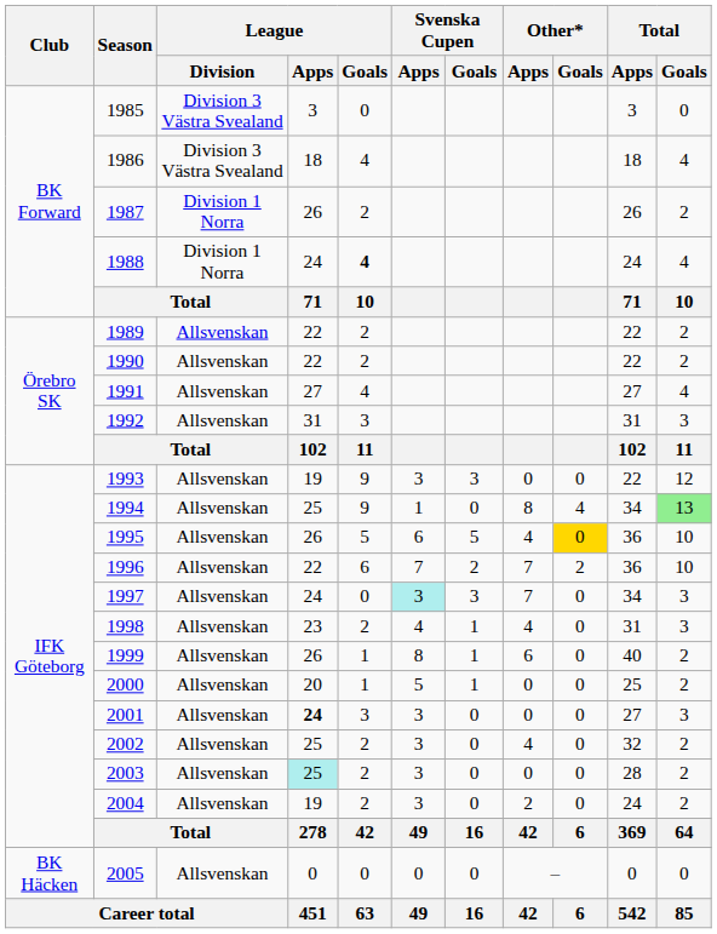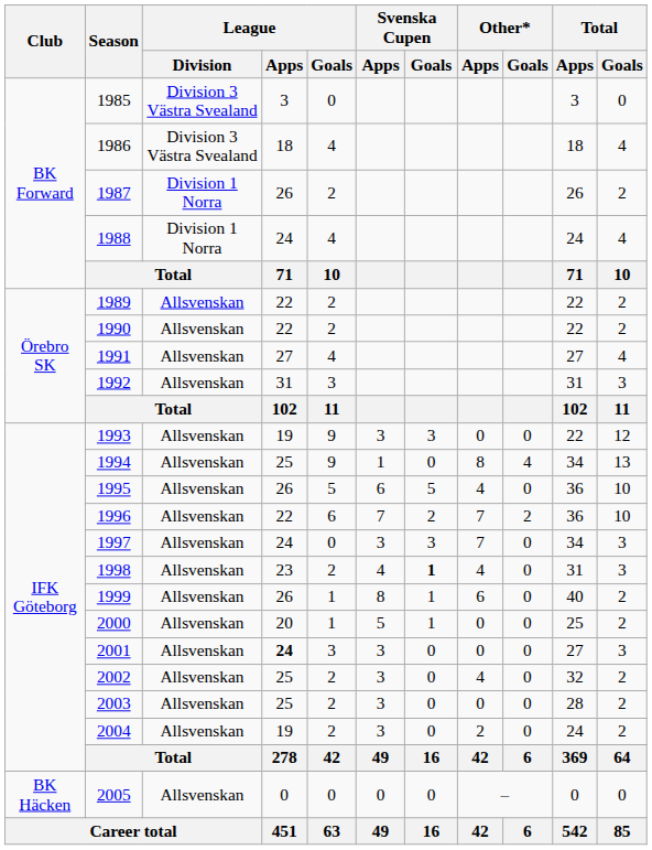 <table class="wikitable" style="text-align:center">
 <tr>
 <th rowspan="2">Club</th>
 <th rowspan="2">Season</th>
 <th colspan="3">League</th>
 <th colspan="2">Svenska Cupen</th>
 <th colspan="2">Other*</th>
 <th colspan="2">Total</th>
 </tr>
 <tr>
 <th>Division</th>
 <th>Apps</th>
 <th>Goals</th>
 <th>Apps</th>
 <th>Goals</th>
 <th>Apps</th>
 <th>Goals</th>
 <th>Apps</th>
 <th>Goals</th>
 </tr>
 <tr>
 <td rowspan="5"><a href='#'>BK Forward</a></td>
 <td>1985</td>
 <td><a href='#'>Division 3 Västra Svealand</a></td>
 <td>3</td>
 <td>0</td>
 <td></td>
 <td></td>
 <td></td>
 <td></td>
 <td>3</td>
 <td>0</td>
 </tr>
 <tr>
 <td>1986</td>
 <td>Division 3 Västra Svealand</td>
 <td>18</td>
 <td>4</td>
 <td></td>
 <td></td>
 <td></td>
 <td></td>
 <td>18</td>
 <td>4</td>
 </tr>
 <tr>
 <td><a href='#'>1987</a></td>
 <td><a href='#'>Division 1 Norra</a></td>
 <td>26</td>
 <td>2</td>
 <td></td>
 <td></td>
 <td></td>
 <td></td>
 <td>26</td>
 <td>2</td>
 </tr>
 <tr>
 <td><a href='#'>1988</a></td>
 <td>Division 1 Norra</td>
 <td>24</td>
-<td><strong>4</strong></td>
+<td>4</td>
 <td></td>
 <td></td>
 <td></td>
 <td></td>
 <td>24</td>
 <td>4</td>
 </tr>
 <tr>
 <th colspan="2">Total</th>
 <th>71</th>
 <th>10</th>
 <th></th>
 <th></th>
 <th></th>
 <th></th>
 <th>71</th>
 <th>10</th>
 </tr>
 <tr>
 <td rowspan="5"><a href='#'>Örebro SK</a></td>
 <td><a href='#'>1989</a></td>
 <td><a href='#'>Allsvenskan</a></td>
 <td>22</td>
 <td>2</td>
 <td></td>
 <td></td>
 <td></td>
 <td></td>
 <td>22</td>
 <td>2</td>
 </tr>
 <tr>
 <td><a href='#'>1990</a></td>
 <td>Allsvenskan</td>
 <td>22</td>
 <td>2</td>
 <td></td>
 <td></td>
 <td></td>
 <td></td>
 <td>22</td>
 <td>2</td>
 </tr>
 <tr>
 <td><a href='#'>1991</a></td>
 <td>Allsvenskan</td>
 <td>27</td>
 <td>4</td>
 <td></td>
 <td></td>
 <td></td>
 <td></td>
 <td>27</td>
 <td>4</td>
 </tr>
 <tr>
 <td><a href='#'>1992</a></td>
 <td>Allsvenskan</td>
 <td>31</td>
 <td>3</td>
 <td></td>
 <td></td>
 <td></td>
 <td></td>
 <td>31</td>
 <td>3</td>
 </tr>
 <tr>
 <th colspan="2">Total</th>
 <th>102</th>
 <th>11</th>
 <th></th>
 <th></th>
 <th></th>
 <th></th>
 <th>102</th>
 <th>11</th>
 </tr>
 <tr>
 <td rowspan="13"><a href='#'>IFK Göteborg</a></td>
 <td><a href='#'>1993</a></td>
 <td>Allsvenskan</td>
 <td>19</td>
 <td>9</td>
 <td>3</td>
 <td>3</td>
 <td>0</td>
 <td>0</td>
 <td>22</td>
 <td>12</td>
 </tr>
 <tr>
 <td><a href='#'>1994</a></td>
 <td>Allsvenskan</td>
 <td>25</td>
 <td>9</td>
 <td>1</td>
 <td>0</td>
 <td>8</td>
 <td>4</td>
 <td>34</td>
-<td style="background: lightgreen;">13</td>
+<td>13</td>
 </tr>
 <tr>
 <td><a href='#'>1995</a></td>
 <td>Allsvenskan</td>
 <td>26</td>
 <td>5</td>
 <td>6</td>
 <td>5</td>
 <td>4</td>
-<td style="background: gold;">0</td>
+<td>0</td>
 <td>36</td>
 <td>10</td>
 </tr>
 <tr>
 <td><a href='#'>1996</a></td>
 <td>Allsvenskan</td>
 <td>22</td>
 <td>6</td>
 <td>7</td>
 <td>2</td>
 <td>7</td>
 <td>2</td>
 <td>36</td>
 <td>10</td>
 </tr>
 <tr>
 <td><a href='#'>1997</a></td>
 <td>Allsvenskan</td>
 <td>24</td>
 <td>0</td>
-<td style="background: paleturquoise;">3</td>
+<td>3</td>
 <td>3</td>
 <td>7</td>
 <td>0</td>
 <td>34</td>
 <td>3</td>
 </tr>
 <tr>
 <td><a href='#'>1998</a></td>
 <td>Allsvenskan</td>
 <td>23</td>
 <td>2</td>
 <td>4</td>
-<td>1</td>
+<td><strong>1</strong></td>
 <td>4</td>
 <td>0</td>
 <td>31</td>
 <td>3</td>
 </tr>
 <tr>
 <td><a href='#'>1999</a></td>
 <td>Allsvenskan</td>
 <td>26</td>
 <td>1</td>
 <td>8</td>
 <td>1</td>
 <td>6</td>
 <td>0</td>
 <td>40</td>
 <td>2</td>
 </tr>
 <tr>
 <td><a href='#'>2000</a></td>
 <td>Allsvenskan</td>
 <td>20</td>
 <td>1</td>
 <td>5</td>
 <td>1</td>
 <td>0</td>
 <td>0</td>
 <td>25</td>
 <td>2</td>
 </tr>
 <tr>
 <td><a href='#'>2001</a></td>
 <td>Allsvenskan</td>
 <td><strong>24</strong></td>
 <td>3</td>
 <td>3</td>
 <td>0</td>
 <td>0</td>
 <td>0</td>
 <td>27</td>
 <td>3</td>
 </tr>
 <tr>
 <td><a href='#'>2002</a></td>
 <td>Allsvenskan</td>
 <td>25</td>
 <td>2</td>
 <td>3</td>
 <td>0</td>
 <td>4</td>
 <td>0</td>
 <td>32</td>
 <td>2</td>
 </tr>
 <tr>
 <td><a href='#'>2003</a></td>
 <td>Allsvenskan</td>
-<td style="background: paleturquoise;">25</td>
+<td>25</td>
 <td>2</td>
 <td>3</td>
 <td>0</td>
 <td>0</td>
 <td>0</td>
 <td>28</td>
 <td>2</td>
 </tr>
 <tr>
 <td><a href='#'>2004</a></td>
 <td>Allsvenskan</td>
 <td>19</td>
 <td>2</td>
 <td>3</td>
 <td>0</td>
 <td>2</td>
 <td>0</td>
 <td>24</td>
 <td>2</td>
 </tr>
 <tr>
 <th colspan="2">Total</th>
 <th>278</th>
 <th>42</th>
 <th>49</th>
 <th>16</th>
 <th>42</th>
 <th>6</th>
 <th>369</th>
 <th>64</th>
 </tr>
 <tr>
 <td><a href='#'>BK Häcken</a></td>
 <td><a href='#'>2005</a></td>
 <td>Allsvenskan</td>
 <td>0</td>
 <td>0</td>
 <td>0</td>
 <td>0</td>
 <td colspan="2">–</td>
 <td>0</td>
 <td>0</td>
 </tr>
 <tr>
 <th colspan="3">Career total</th>
 <th>451</th>
 <th>63</th>
 <th>49</th>
 <th>16</th>
 <th>42</th>
 <th>6</th>
 <th>542</th>
 <th>85</th>
 </tr>
 </table>
